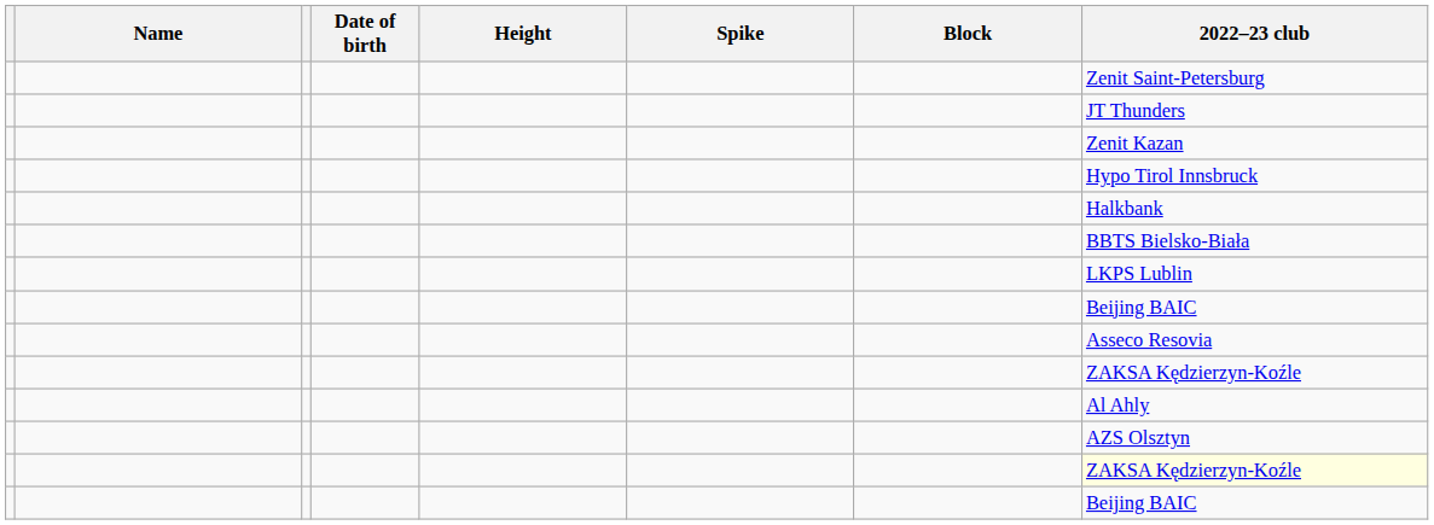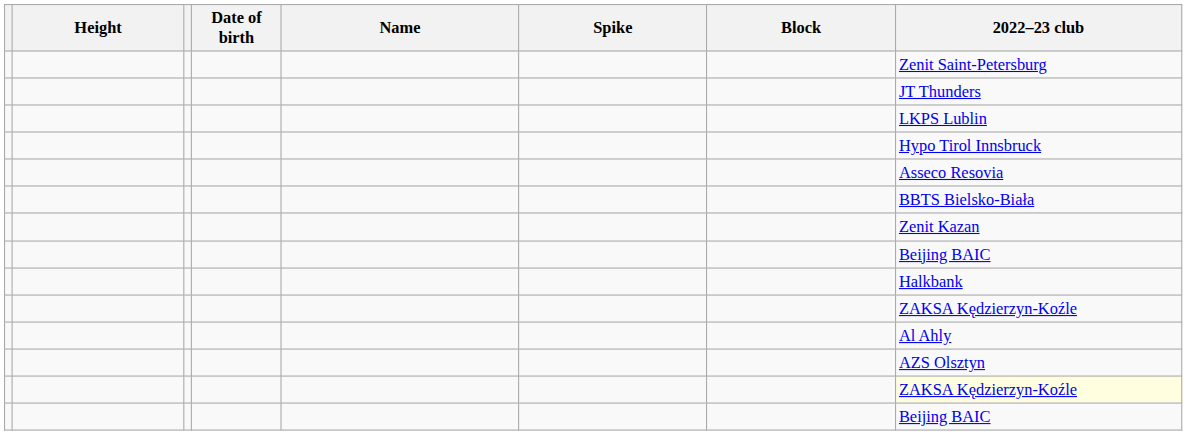 <table class="wikitable sortable" style="font-size:95%; text-align:center;">
 <tr>
 <th></th>
-<th style="width:14em">Name</th>
+<th style="width:10em">Height</th>
 <th></th>
 <th style="width:5em">Date of birth</th>
-<th style="width:10em">Height</th>
+<th style="width:14em">Name</th>
 <th style="width:11em">Spike</th>
 <th style="width:11em">Block</th>
 <th style="width:17em">2022–23 club</th>
 </tr>
 <tr>
 <td></td>
-<td align=left></td>
+<td></td>
 <td></td>
 <td align=right></td>
-<td></td>
+<td align=left></td>
 <td></td>
 <td></td>
 <td align=left> <a href='#'>Zenit Saint-Petersburg</a></td>
 </tr>
 <tr>
 <td></td>
-<td align=left></td>
+<td></td>
 <td></td>
 <td align=right></td>
-<td></td>
+<td align=left></td>
 <td></td>
 <td></td>
 <td align=left> <a href='#'>JT Thunders</a></td>
 </tr>
 <tr>
 <td></td>
+<td></td>
+<td></td>
+<td align=right></td>
 <td align=left></td>
 <td></td>
+<td></td>
+<td align=left> <a href='#'>LKPS Lublin</a></td>
+</tr>
+<tr>
+<td></td>
+<td></td>
+<td></td>
 <td align=right></td>
+<td align=left></td>
 <td></td>
+<td></td>
+<td align=left> <a href='#'>Hypo Tirol Innsbruck</a></td>
+</tr>
+<tr>
+<td></td>
+<td></td>
+<td></td>
+<td align=right></td>
+<td align=left></td>
+<td></td>
+<td></td>
+<td align=left> <a href='#'>Asseco Resovia</a></td>
+</tr>
+<tr>
+<td></td>
+<td></td>
+<td></td>
+<td align=right></td>
+<td align=left></td>
+<td></td>
+<td></td>
+<td align=left> <a href='#'>BBTS Bielsko-Biała</a></td>
+</tr>
+<tr>
+<td></td>
+<td></td>
+<td></td>
+<td align=right></td>
+<td align=left></td>
 <td></td>
 <td></td>
 <td align=left> <a href='#'>Zenit Kazan</a></td>
 </tr>
 <tr>
 <td></td>
+<td></td>
+<td></td>
+<td align=right></td>
 <td align=left></td>
 <td></td>
-<td align=right></td>
+<td></td>
+<td align=left> <a href='#'>Beijing BAIC</a></td>
+</tr>
+<tr>
 <td></td>
 <td></td>
 <td></td>
-<td align=left> <a href='#'>Hypo Tirol Innsbruck</a></td>
-</tr>
-<tr>
-<td></td>
+<td align=right></td>
 <td align=left></td>
-<td></td>
-<td align=right></td>
-<td></td>
 <td></td>
 <td></td>
 <td align=left> <a href='#'>Halkbank</a></td>
 </tr>
 <tr>
 <td></td>
-<td align=left></td>
+<td></td>
 <td></td>
 <td align=right></td>
-<td></td>
-<td></td>
-<td></td>
-<td align=left> <a href='#'>BBTS Bielsko-Biała</a></td>
-</tr>
-<tr>
-<td></td>
 <td align=left></td>
-<td></td>
-<td align=right></td>
-<td></td>
-<td></td>
-<td></td>
-<td align=left> <a href='#'>LKPS Lublin</a></td>
-</tr>
-<tr>
-<td></td>
-<td align=left></td>
-<td></td>
-<td align=right></td>
-<td></td>
-<td></td>
-<td></td>
-<td align=left> <a href='#'>Beijing BAIC</a></td>
-</tr>
-<tr>
-<td></td>
-<td align=left></td>
-<td></td>
-<td align=right></td>
-<td></td>
-<td></td>
-<td></td>
-<td align=left> <a href='#'>Asseco Resovia</a></td>
-</tr>
-<tr>
-<td></td>
-<td align=left></td>
-<td></td>
-<td align=right></td>
-<td></td>
 <td></td>
 <td></td>
 <td align=left> <a href='#'>ZAKSA Kędzierzyn-Koźle</a></td>
 </tr>
 <tr>
 <td></td>
-<td align=left></td>
+<td></td>
 <td></td>
 <td align=right></td>
-<td></td>
+<td align=left></td>
 <td></td>
 <td></td>
 <td align=left> <a href='#'>Al Ahly</a></td>
 </tr>
 <tr>
 <td></td>
-<td align=left></td>
+<td></td>
 <td></td>
 <td align=right></td>
-<td></td>
+<td align=left></td>
 <td></td>
 <td></td>
 <td align=left> <a href='#'>AZS Olsztyn</a></td>
 </tr>
 <tr>
 <td></td>
-<td align=left></td>
+<td></td>
 <td></td>
 <td align=right></td>
-<td></td>
+<td align=left></td>
 <td></td>
 <td></td>
 <td align=left style="background: lightyellow;"> <a href='#'>ZAKSA Kędzierzyn-Koźle</a></td>
 </tr>
 <tr>
 <td></td>
-<td align=left></td>
+<td></td>
 <td></td>
 <td align=right></td>
-<td></td>
+<td align=left></td>
 <td></td>
 <td></td>
 <td align=left> <a href='#'>Beijing BAIC</a></td>
 </tr>
 </table>
